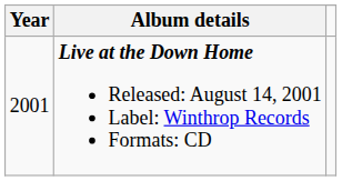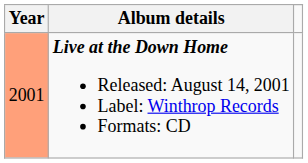 <table class="wikitable">
 <tr>
 <th rowspan="2">Year</th>
 <th rowspan="2">Album details</th>
 </tr>
 <tr>
 <td></td>
 </tr>
 <tr>
-<td>2001</td>
+<td style="background: lightsalmon;">2001</td>
 <td align="left"><strong><em>Live at the Down Home</em></strong><br><ul><li>Released: August 14, 2001</li><li>Label: <a href='#'>Winthrop Records</a></li><li>Formats: CD</li></ul></td>
 </tr>
 </table>
